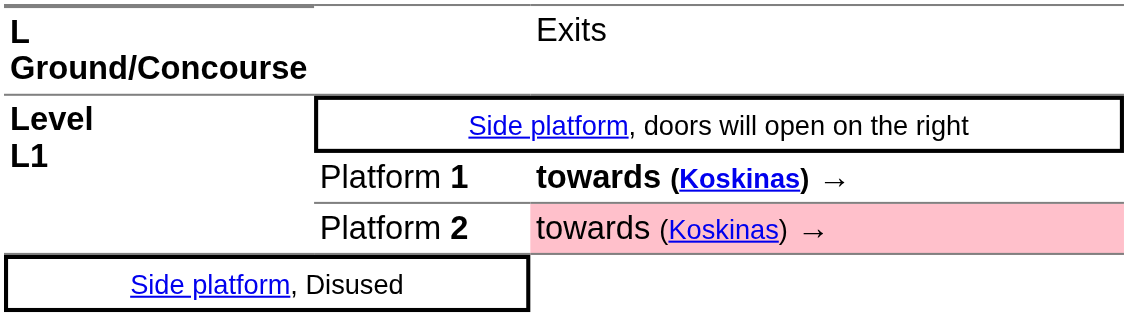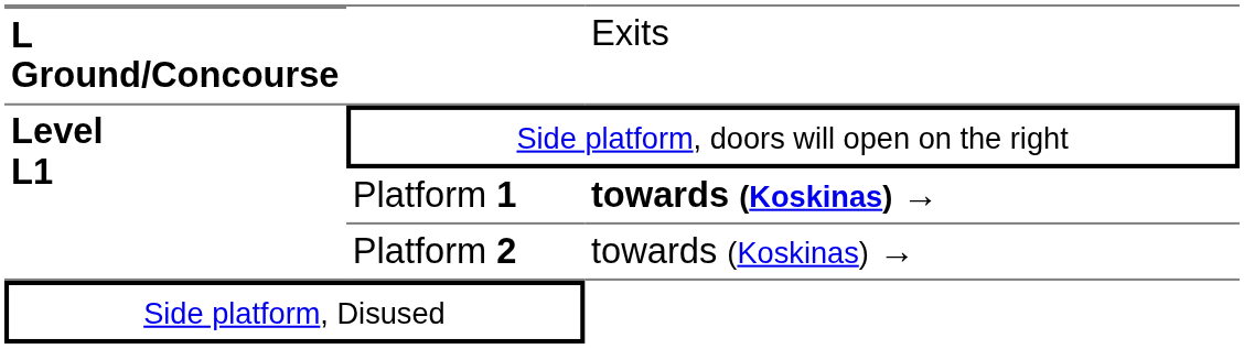 <table table border=0 cellspacing=0 cellpadding=3>
 <tr>
 <td style="border-bottom:solid 1px gray;border-top:solid 2px gray;" width=50 valign=top><strong>L<br>Ground/Concourse</strong></td>
 <td style="border-top:solid 1px gray;border-bottom:solid 1px gray;" width=100 valign=top></td>
 <td style="border-top:solid 1px gray;border-bottom:solid 1px gray;" width=285 valign=top>Exits</td>
 </tr>
 <tr>
 <td style="border-bottom:solid 1px gray;" rowspan=4 valign=top><strong>Level<br>L1</strong></td>
 <td style="border-top:solid 2px black;border-right:solid 2px black;border-left:solid 2px black;border-bottom:solid 2px black;text-align:center;" colspan=2><small><a href='#'>Side platform</a>, doors will open on the right</small></td>
 </tr>
 <tr>
 <td style="border-bottom:solid 1px gray;">Platform <span><strong>1</strong></span></td>
 <td style="border-bottom:solid 1px gray;"><strong> towards  <small>(<a href='#'>Koskinas</a>)</small> →</strong></td>
 </tr>
 <tr>
 <td style="border-bottom:solid 1px gray;">Platform <span><strong>2</strong></span></td>
-<td style="background: pink; border-bottom:solid 1px gray;"> towards  <small>(<a href='#'>Koskinas</a>)</small> →</td>
+<td style="border-bottom:solid 1px gray;"> towards  <small>(<a href='#'>Koskinas</a>)</small> →</td>
 </tr>
 <tr>
 </tr>
 <tr>
 <td style="border-top:solid 2px black;border-left:solid 2px black;border-right:solid 2px black;border-bottom:solid 2px black;text-align:center;" colspan=2><small><a href='#'>Side platform</a>, Disused </small></td>
 </tr>
 </table>
